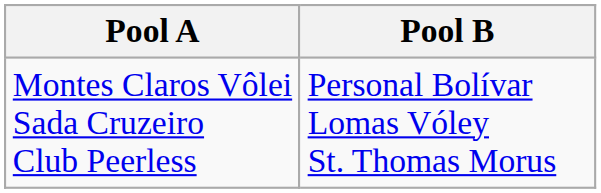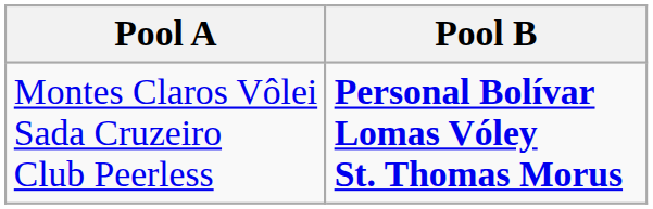 <table class="wikitable">
 <tr>
 <th width=50%>Pool A</th>
 <th width=50%>Pool B</th>
 </tr>
 <tr>
 <td> <a href='#'>Montes Claros Vôlei</a><br> <a href='#'>Sada Cruzeiro</a><br> <a href='#'>Club Peerless</a></td>
-<td> <a href='#'>Personal Bolívar</a><br> <a href='#'>Lomas Vóley</a><br> <a href='#'>St. Thomas Morus</a></td>
+<td><strong> <a href='#'>Personal Bolívar</a><br> <a href='#'>Lomas Vóley</a><br> <a href='#'>St. Thomas Morus</a></strong></td>
 </tr>
 </table>
